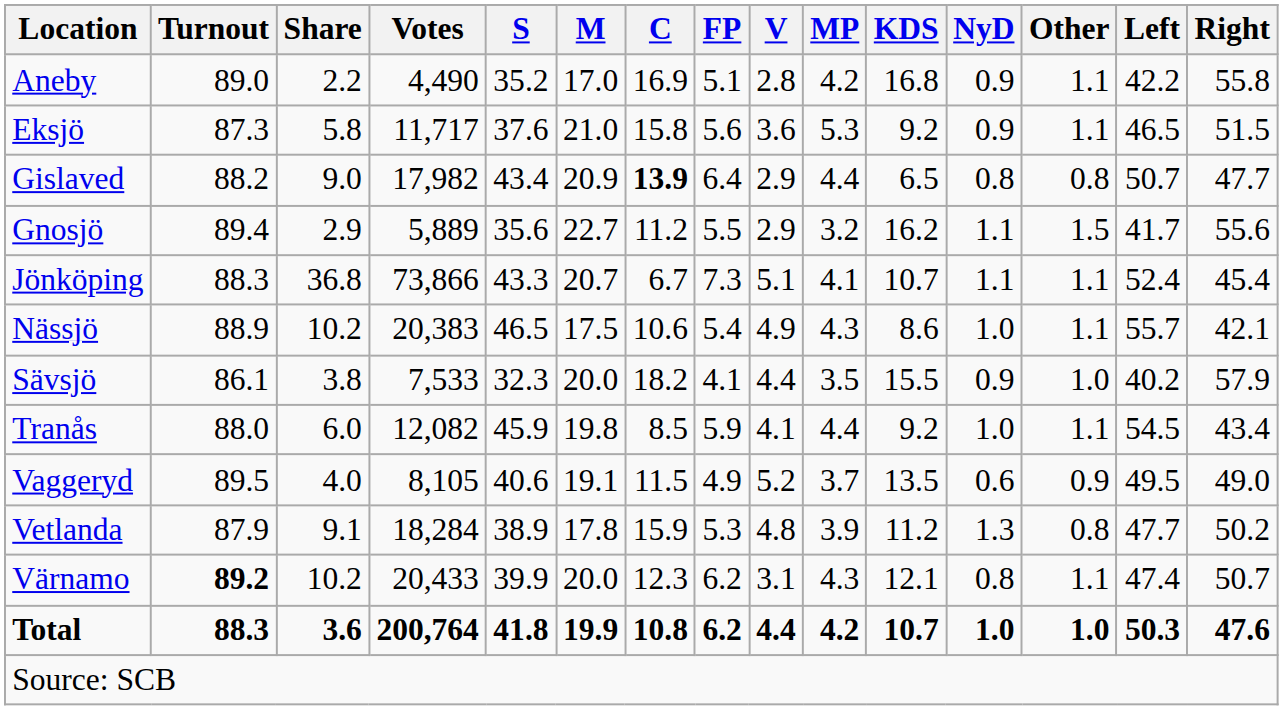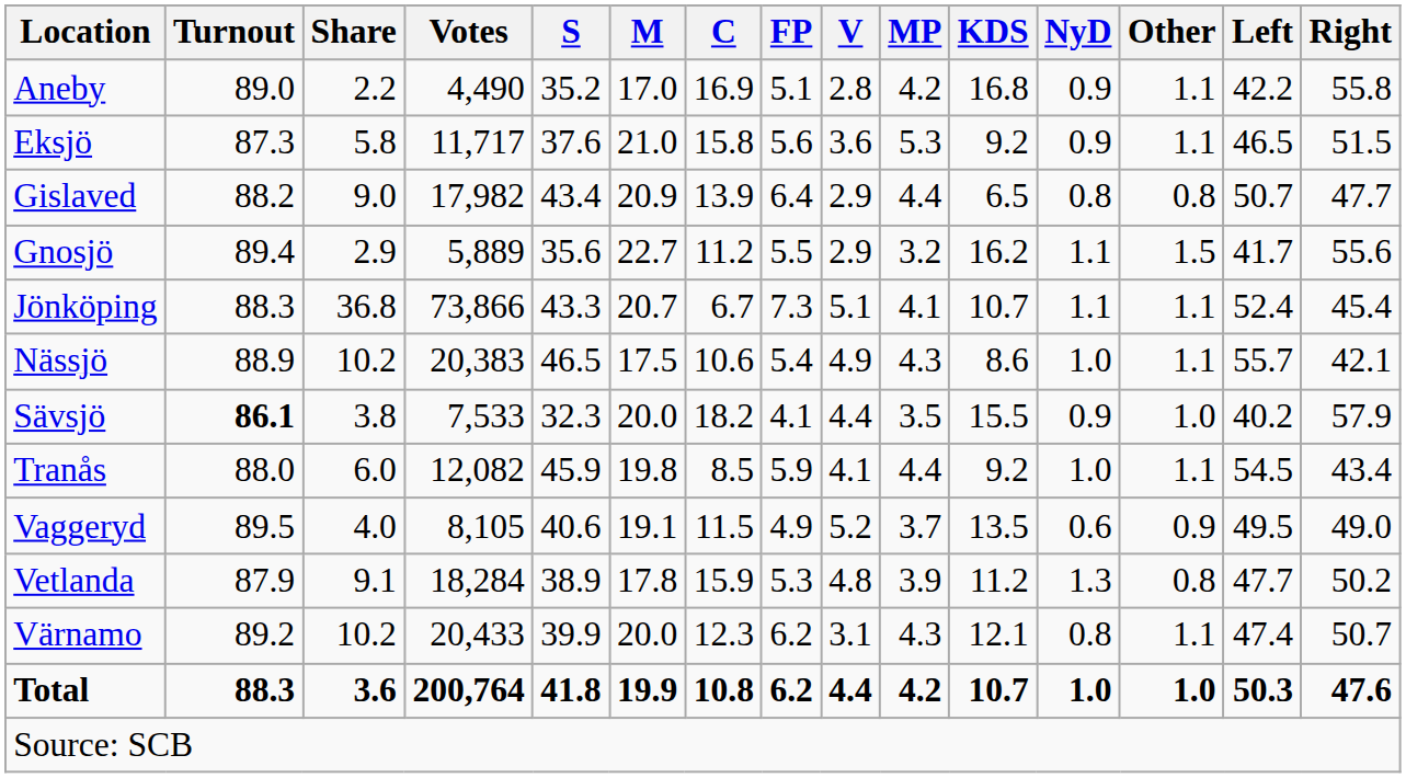 <table class="wikitable sortable" style=text-align:right>
 <tr>
 <th>Location</th>
 <th>Turnout</th>
 <th>Share</th>
 <th>Votes</th>
 <th><a href='#'>S</a></th>
 <th><a href='#'>M</a></th>
 <th><a href='#'>C</a></th>
 <th><a href='#'>FP</a></th>
 <th><a href='#'>V</a></th>
 <th><a href='#'>MP</a></th>
 <th><a href='#'>KDS</a></th>
 <th><a href='#'>NyD</a></th>
 <th>Other</th>
 <th>Left</th>
 <th>Right</th>
 </tr>
 <tr>
 <td align=left><a href='#'>Aneby</a></td>
 <td>89.0</td>
 <td>2.2</td>
 <td>4,490</td>
 <td>35.2</td>
 <td>17.0</td>
 <td>16.9</td>
 <td>5.1</td>
 <td>2.8</td>
 <td>4.2</td>
 <td>16.8</td>
 <td>0.9</td>
 <td>1.1</td>
 <td>42.2</td>
 <td>55.8</td>
 </tr>
 <tr>
 <td align=left><a href='#'>Eksjö</a></td>
 <td>87.3</td>
 <td>5.8</td>
 <td>11,717</td>
 <td>37.6</td>
 <td>21.0</td>
 <td>15.8</td>
 <td>5.6</td>
 <td>3.6</td>
 <td>5.3</td>
 <td>9.2</td>
 <td>0.9</td>
 <td>1.1</td>
 <td>46.5</td>
 <td>51.5</td>
 </tr>
 <tr>
 <td align=left><a href='#'>Gislaved</a></td>
 <td>88.2</td>
 <td>9.0</td>
 <td>17,982</td>
 <td>43.4</td>
 <td>20.9</td>
-<td><strong>13.9</strong></td>
+<td>13.9</td>
 <td>6.4</td>
 <td>2.9</td>
 <td>4.4</td>
 <td>6.5</td>
 <td>0.8</td>
 <td>0.8</td>
 <td>50.7</td>
 <td>47.7</td>
 </tr>
 <tr>
 <td align=left><a href='#'>Gnosjö</a></td>
 <td>89.4</td>
 <td>2.9</td>
 <td>5,889</td>
 <td>35.6</td>
 <td>22.7</td>
 <td>11.2</td>
 <td>5.5</td>
 <td>2.9</td>
 <td>3.2</td>
 <td>16.2</td>
 <td>1.1</td>
 <td>1.5</td>
 <td>41.7</td>
 <td>55.6</td>
 </tr>
 <tr>
 <td align=left><a href='#'>Jönköping</a></td>
 <td>88.3</td>
 <td>36.8</td>
 <td>73,866</td>
 <td>43.3</td>
 <td>20.7</td>
 <td>6.7</td>
 <td>7.3</td>
 <td>5.1</td>
 <td>4.1</td>
 <td>10.7</td>
 <td>1.1</td>
 <td>1.1</td>
 <td>52.4</td>
 <td>45.4</td>
 </tr>
 <tr>
 <td align=left><a href='#'>Nässjö</a></td>
 <td>88.9</td>
 <td>10.2</td>
 <td>20,383</td>
 <td>46.5</td>
 <td>17.5</td>
 <td>10.6</td>
 <td>5.4</td>
 <td>4.9</td>
 <td>4.3</td>
 <td>8.6</td>
 <td>1.0</td>
 <td>1.1</td>
 <td>55.7</td>
 <td>42.1</td>
 </tr>
 <tr>
 <td align=left><a href='#'>Sävsjö</a></td>
-<td>86.1</td>
+<td><strong>86.1</strong></td>
 <td>3.8</td>
 <td>7,533</td>
 <td>32.3</td>
 <td>20.0</td>
 <td>18.2</td>
 <td>4.1</td>
 <td>4.4</td>
 <td>3.5</td>
 <td>15.5</td>
 <td>0.9</td>
 <td>1.0</td>
 <td>40.2</td>
 <td>57.9</td>
 </tr>
 <tr>
 <td align=left><a href='#'>Tranås</a></td>
 <td>88.0</td>
 <td>6.0</td>
 <td>12,082</td>
 <td>45.9</td>
 <td>19.8</td>
 <td>8.5</td>
 <td>5.9</td>
 <td>4.1</td>
 <td>4.4</td>
 <td>9.2</td>
 <td>1.0</td>
 <td>1.1</td>
 <td>54.5</td>
 <td>43.4</td>
 </tr>
 <tr>
 <td align=left><a href='#'>Vaggeryd</a></td>
 <td>89.5</td>
 <td>4.0</td>
 <td>8,105</td>
 <td>40.6</td>
 <td>19.1</td>
 <td>11.5</td>
 <td>4.9</td>
 <td>5.2</td>
 <td>3.7</td>
 <td>13.5</td>
 <td>0.6</td>
 <td>0.9</td>
 <td>49.5</td>
 <td>49.0</td>
 </tr>
 <tr>
 <td align=left><a href='#'>Vetlanda</a></td>
 <td>87.9</td>
 <td>9.1</td>
 <td>18,284</td>
 <td>38.9</td>
 <td>17.8</td>
 <td>15.9</td>
 <td>5.3</td>
 <td>4.8</td>
 <td>3.9</td>
 <td>11.2</td>
 <td>1.3</td>
 <td>0.8</td>
 <td>47.7</td>
 <td>50.2</td>
 </tr>
 <tr>
 <td align=left><a href='#'>Värnamo</a></td>
-<td><strong>89.2</strong></td>
+<td>89.2</td>
 <td>10.2</td>
 <td>20,433</td>
 <td>39.9</td>
 <td>20.0</td>
 <td>12.3</td>
 <td>6.2</td>
 <td>3.1</td>
 <td>4.3</td>
 <td>12.1</td>
 <td>0.8</td>
 <td>1.1</td>
 <td>47.4</td>
 <td>50.7</td>
 </tr>
 <tr>
 <td align=left><strong>Total</strong></td>
 <td><strong>88.3</strong></td>
 <td><strong>3.6</strong></td>
 <td><strong>200,764</strong></td>
 <td><strong>41.8</strong></td>
 <td><strong>19.9</strong></td>
 <td><strong>10.8</strong></td>
 <td><strong>6.2</strong></td>
 <td><strong>4.4</strong></td>
 <td><strong>4.2</strong></td>
 <td><strong>10.7</strong></td>
 <td><strong>1.0</strong></td>
 <td><strong>1.0</strong></td>
 <td><strong>50.3</strong></td>
 <td><strong>47.6</strong></td>
 </tr>
 <tr>
 <td align=left colspan=15>Source: SCB </td>
 </tr>
 </table>
